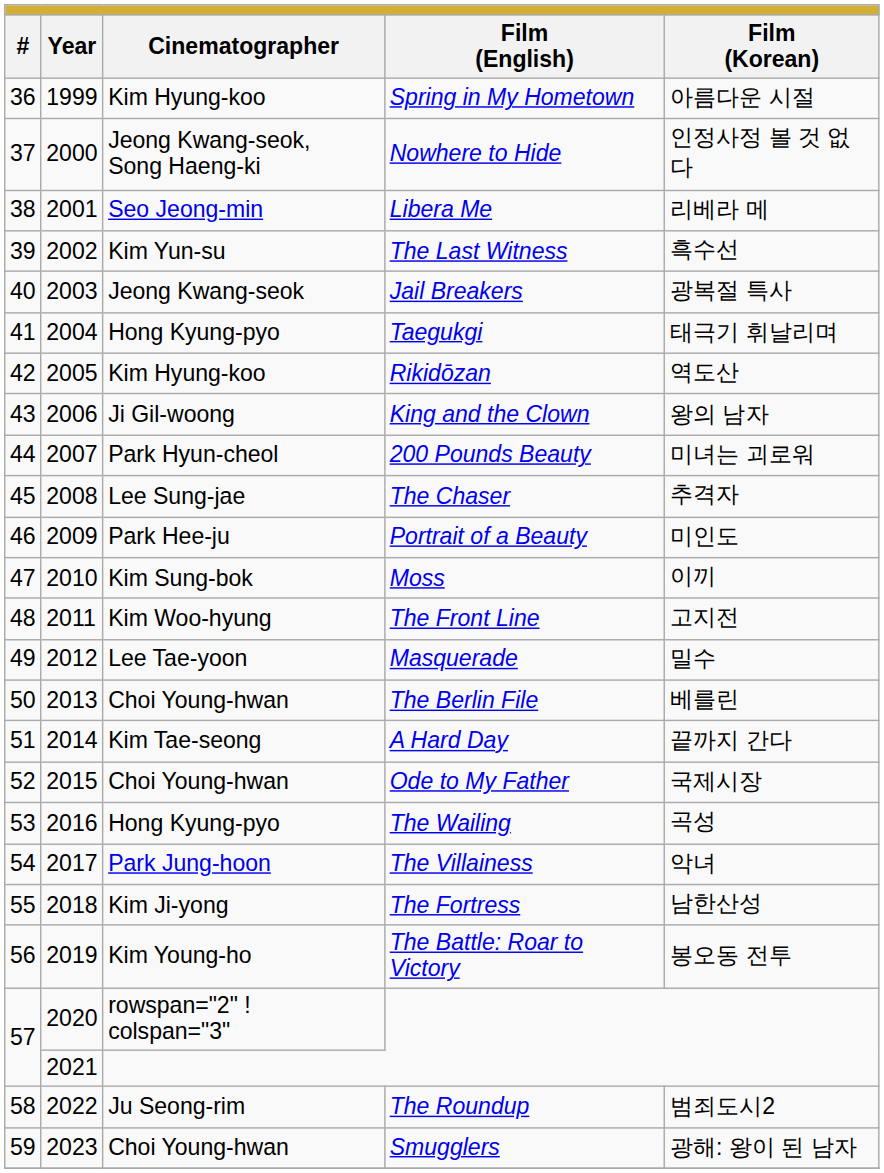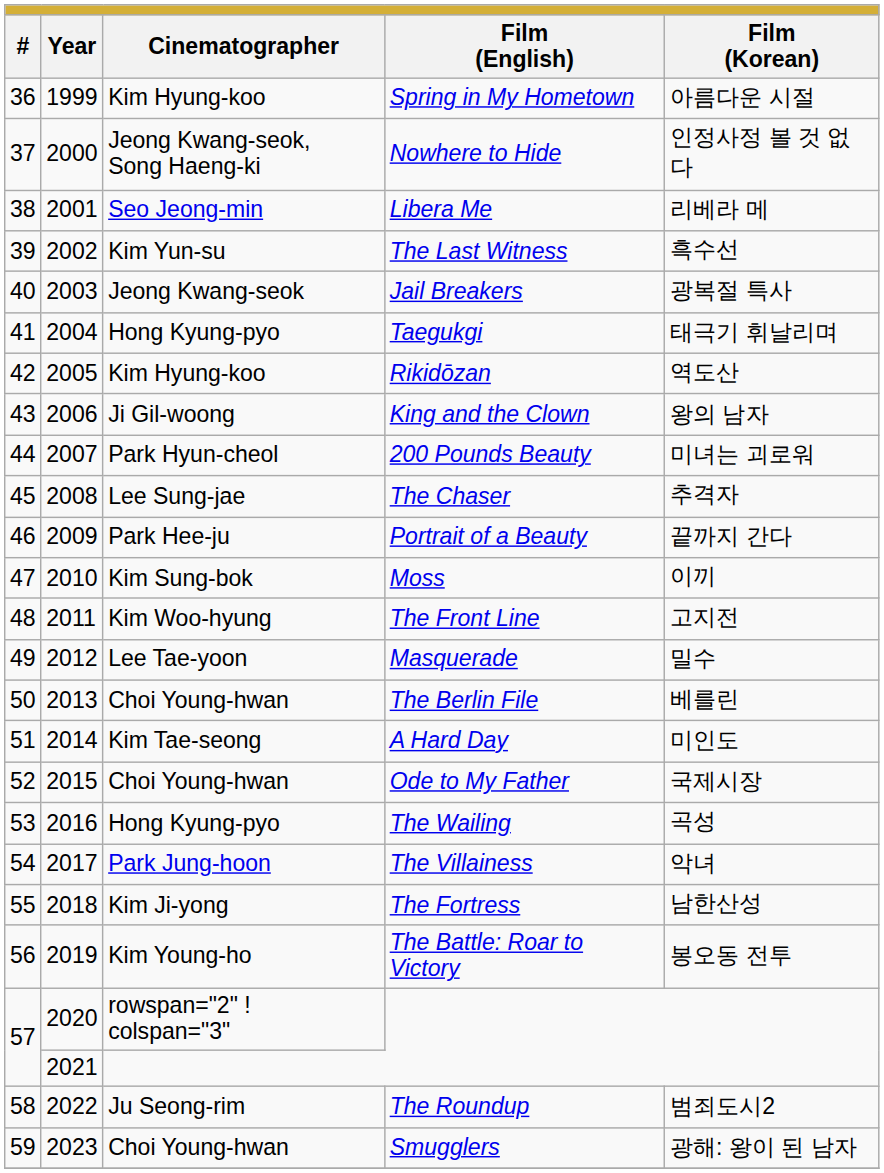 <table class="wikitable collapsible collapsed">
 <tr>
 <th colspan="5" style="background: #D4AF37;"></th>
 </tr>
 <tr>
 <th>#</th>
 <th>Year</th>
 <th>Cinematographer</th>
 <th>Film<br>(English)</th>
 <th>Film<br>(Korean)</th>
 </tr>
 <tr>
 <td>36</td>
 <td>1999</td>
 <td>Kim Hyung-koo</td>
 <td><em><a href='#'>Spring in My Hometown</a></em></td>
 <td>아름다운 시절</td>
 </tr>
 <tr>
 <td>37</td>
 <td>2000</td>
 <td>Jeong Kwang-seok,<br>Song Haeng-ki</td>
 <td><em><a href='#'>Nowhere to Hide</a></em></td>
 <td>인정사정 볼 것 없다</td>
 </tr>
 <tr>
 <td>38</td>
 <td>2001</td>
 <td><a href='#'>Seo Jeong-min</a></td>
 <td><em><a href='#'>Libera Me</a></em></td>
 <td>리베라 메</td>
 </tr>
 <tr>
 <td>39</td>
 <td>2002</td>
 <td>Kim Yun-su</td>
 <td><em><a href='#'>The Last Witness</a></em></td>
 <td>흑수선</td>
 </tr>
 <tr>
 <td>40</td>
 <td>2003</td>
 <td>Jeong Kwang-seok</td>
 <td><em><a href='#'>Jail Breakers</a></em></td>
 <td>광복절 특사</td>
 </tr>
 <tr>
 <td>41</td>
 <td>2004</td>
 <td>Hong Kyung-pyo</td>
 <td><em><a href='#'>Taegukgi</a></em></td>
 <td>태극기 휘날리며</td>
 </tr>
 <tr>
 <td>42</td>
 <td>2005</td>
 <td>Kim Hyung-koo</td>
 <td><em><a href='#'>Rikidōzan</a></em></td>
 <td>역도산</td>
 </tr>
 <tr>
 <td>43</td>
 <td>2006</td>
 <td>Ji Gil-woong</td>
 <td><em><a href='#'>King and the Clown</a></em></td>
 <td>왕의 남자</td>
 </tr>
 <tr>
 <td>44</td>
 <td>2007</td>
 <td>Park Hyun-cheol</td>
 <td><em><a href='#'>200 Pounds Beauty</a></em></td>
 <td>미녀는 괴로워</td>
 </tr>
 <tr>
 <td>45</td>
 <td>2008</td>
 <td>Lee Sung-jae</td>
 <td><em><a href='#'>The Chaser</a></em></td>
 <td>추격자</td>
 </tr>
 <tr>
 <td>46</td>
 <td>2009</td>
 <td>Park Hee-ju</td>
 <td><em><a href='#'>Portrait of a Beauty</a></em></td>
-<td>미인도</td>
+<td>끝까지 간다</td>
 </tr>
 <tr>
 <td>47</td>
 <td>2010</td>
 <td>Kim Sung-bok</td>
 <td><em><a href='#'>Moss</a></em></td>
 <td>이끼</td>
 </tr>
 <tr>
 <td>48</td>
 <td>2011</td>
 <td>Kim Woo-hyung</td>
 <td><em><a href='#'>The Front Line</a></em></td>
 <td>고지전</td>
 </tr>
 <tr>
 <td>49</td>
 <td>2012</td>
 <td>Lee Tae-yoon</td>
 <td><em><a href='#'>Masquerade</a></em></td>
 <td>밀수</td>
 </tr>
 <tr>
 <td>50</td>
 <td>2013</td>
 <td>Choi Young-hwan</td>
 <td><em><a href='#'>The Berlin File</a></em></td>
 <td>베를린</td>
 </tr>
 <tr>
 <td>51</td>
 <td>2014</td>
 <td>Kim Tae-seong</td>
 <td><em><a href='#'>A Hard Day</a></em></td>
-<td>끝까지 간다</td>
+<td>미인도</td>
 </tr>
 <tr>
 <td>52</td>
 <td>2015</td>
 <td>Choi Young-hwan</td>
 <td><em><a href='#'>Ode to My Father</a></em></td>
 <td>국제시장</td>
 </tr>
 <tr>
 <td>53</td>
 <td>2016</td>
 <td>Hong Kyung-pyo</td>
 <td><em><a href='#'>The Wailing</a></em></td>
 <td>곡성</td>
 </tr>
 <tr>
 <td>54</td>
 <td>2017</td>
 <td><a href='#'>Park Jung-hoon</a></td>
 <td><em><a href='#'>The Villainess</a></em></td>
 <td>악녀</td>
 </tr>
 <tr>
 <td>55</td>
 <td>2018</td>
 <td>Kim Ji-yong</td>
 <td><em><a href='#'>The Fortress</a></em></td>
 <td>남한산성</td>
 </tr>
 <tr>
 <td>56</td>
 <td>2019</td>
 <td>Kim Young-ho</td>
 <td><em><a href='#'>The Battle: Roar to Victory</a></em></td>
 <td>봉오동 전투</td>
 </tr>
 <tr>
 <td rowspan="2">57</td>
 <td>2020</td>
 <td>rowspan="2" ! colspan="3" </td>
 </tr>
 <tr>
 <td>2021</td>
 </tr>
 <tr>
 <td>58</td>
 <td>2022</td>
 <td>Ju Seong-rim</td>
 <td><em><a href='#'>The Roundup</a></em></td>
 <td>범죄도시2</td>
 </tr>
 <tr>
 <td>59</td>
 <td>2023</td>
 <td>Choi Young-hwan</td>
 <td><em><a href='#'>Smugglers</a></em></td>
 <td>광해: 왕이 된 남자</td>
 </tr>
 <tr>
 </tr>
 </table>
